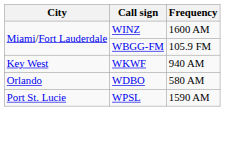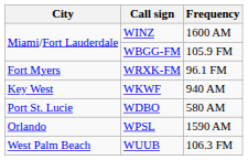 <table class="wikitable">
 <tr>
 <th>City</th>
 <th>Call sign</th>
 <th>Frequency</th>
 </tr>
 <tr>
 <td rowspan="2"><a href='#'>Miami</a>/<a href='#'>Fort Lauderdale</a></td>
 <td><a href='#'>WINZ</a></td>
 <td>1600 AM</td>
 </tr>
 <tr>
 <td><a href='#'>WBGG-FM</a></td>
 <td>105.9 FM</td>
 </tr>
 <tr>
+<td><a href='#'>Fort Myers</a></td>
+<td><a href='#'>WRXK-FM</a></td>
+<td>96.1 FM</td>
+</tr>
+<tr>
 <td><a href='#'>Key West</a></td>
 <td><a href='#'>WKWF</a></td>
 <td>940 AM</td>
 </tr>
 <tr>
-<td><a href='#'>Orlando</a></td>
+<td><a href='#'>Port St. Lucie</a></td>
 <td><a href='#'>WDBO</a></td>
 <td>580 AM</td>
 </tr>
 <tr>
-<td><a href='#'>Port St. Lucie</a></td>
+<td><a href='#'>Orlando</a></td>
 <td><a href='#'>WPSL</a></td>
 <td>1590 AM</td>
 </tr>
+<tr>
+<td><a href='#'>West Palm Beach</a></td>
+<td><a href='#'>WUUB</a></td>
+<td>106.3 FM</td>
+</tr>
 </table>
